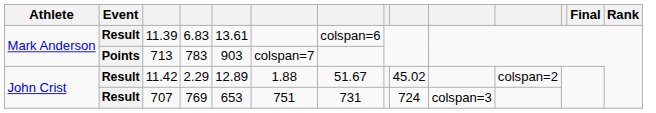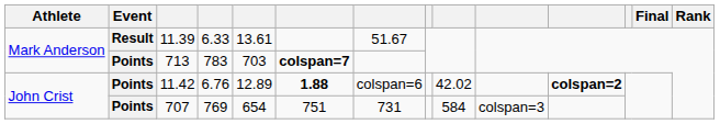 <table class=wikitable style=font-size:90%>
 <tr>
 <th>Athlete</th>
 <th>Event</th>
 <th></th>
 <th></th>
 <th></th>
 <th></th>
 <th></th>
 <th></th>
 <th></th>
 <th></th>
 <th></th>
 <th></th>
 <th>Final</th>
 <th>Rank</th>
 </tr>
 <tr align=center>
 <td rowspan=2 style=text-align:left><a href='#'>Mark Anderson</a></td>
 <th style=font-size:95%>Result</th>
 <td>11.39</td>
-<td>6.83</td>
+<td>6.33</td>
 <td>13.61</td>
 <td></td>
-<td>colspan=6 </td>
+<td>51.67</td>
 <td colspan=2 rowspan=2></td>
 </tr>
 <tr align=center>
 <th style=font-size:95%>Points</th>
 <td>713</td>
 <td>783</td>
-<td>903</td>
-<td>colspan=7 </td>
+<td>703</td>
+<td><strong>colspan=7 </strong></td>
 </tr>
 <tr align=center>
 <td rowspan=2 style=text-align:left><a href='#'>John Crist</a></td>
-<th style=font-size:95%>Result</th>
+<th style=font-size:95%>Points</th>
 <td>11.42</td>
-<td>2.29</td>
+<td>6.76</td>
 <td>12.89</td>
-<td>1.88</td>
-<td>51.67</td>
+<td><strong>1.88</strong></td>
+<td>colspan=6 </td>
 <td></td>
-<td>45.02</td>
+<td>42.02</td>
 <td></td>
-<td>colspan=2 </td>
+<td><strong>colspan=2 </strong></td>
 <td colspan=2 rowspan=2></td>
 </tr>
 <tr align=center>
-<th style=font-size:95%>Result</th>
+<th style=font-size:95%>Points</th>
 <td>707</td>
 <td>769</td>
-<td>653</td>
+<td>654</td>
 <td>751</td>
 <td>731</td>
 <td></td>
-<td>724</td>
+<td>584</td>
 <td>colspan=3 </td>
 </tr>
 </table>
